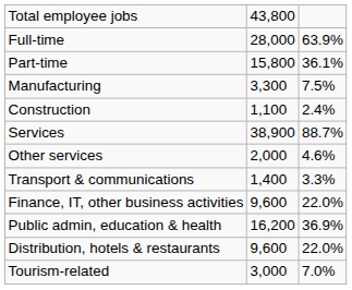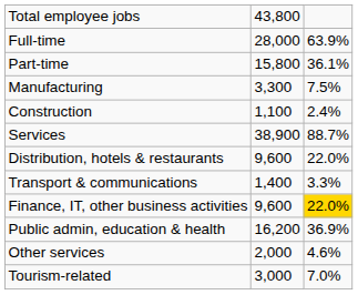 <table class="wikitable floatright">
 <tr>
 <td>Total employee jobs</td>
 <td>43,800</td>
 <td></td>
 </tr>
 <tr>
 <td>Full-time</td>
 <td>28,000</td>
 <td>63.9%</td>
 </tr>
 <tr>
 <td>Part-time</td>
 <td>15,800</td>
 <td>36.1%</td>
 </tr>
 <tr>
 <td>Manufacturing</td>
 <td>3,300</td>
 <td>7.5%</td>
 </tr>
 <tr>
 <td>Construction</td>
 <td>1,100</td>
 <td>2.4%</td>
 </tr>
 <tr>
 <td>Services</td>
 <td>38,900</td>
 <td>88.7%</td>
 </tr>
 <tr>
-<td style="left-padding: 20pt">Other services</td>
-<td>2,000</td>
-<td>4.6%</td>
+<td style="left-padding: 20pt">Distribution, hotels & restaurants</td>
+<td>9,600</td>
+<td>22.0%</td>
 </tr>
 <tr>
 <td style="left-padding: 20pt">Transport & communications</td>
 <td>1,400</td>
 <td>3.3%</td>
 </tr>
 <tr>
 <td style="left-padding: 20pt">Finance, IT, other business activities</td>
 <td>9,600</td>
-<td>22.0%</td>
+<td style="background: gold;">22.0%</td>
 </tr>
 <tr>
 <td style="left-padding: 20pt">Public admin, education & health</td>
 <td>16,200</td>
 <td>36.9%</td>
 </tr>
 <tr>
-<td style="left-padding: 20pt">Distribution, hotels & restaurants</td>
-<td>9,600</td>
-<td>22.0%</td>
+<td style="left-padding: 20pt">Other services</td>
+<td>2,000</td>
+<td>4.6%</td>
 </tr>
 <tr>
 <td style="left-padding: 20pt">Tourism-related</td>
 <td>3,000</td>
 <td>7.0%</td>
 </tr>
 </table>
